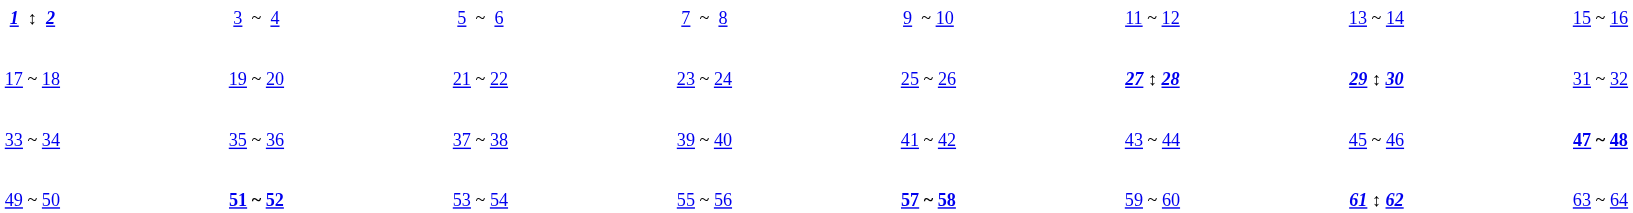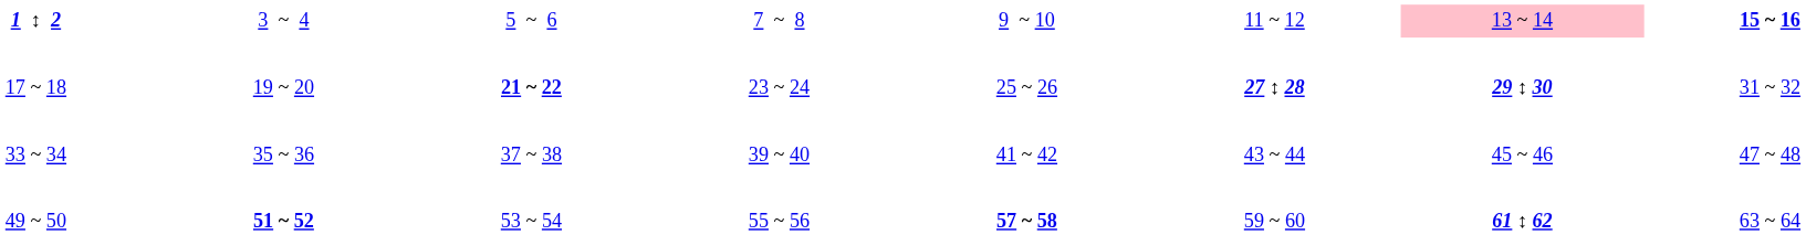 <table border="0" cellpadding="3" style="font-size:80%; text-align:center; width: 100%; ">
 <tr>
 <td title="U+4DC0 (䷀), U+4DC1 (䷁)"></td>
 <td title="U+4DC2 (䷂), U+4DC3 (䷃)"></td>
 <td title="U+4DC4 (䷄), U+4DC5 (䷅)"></td>
 <td title="U+4DC6 (䷆), U+4DC7 (䷇)"></td>
 <td title="U+4DC8 (䷈), U+4DC9 (䷉)"></td>
 <td title="U+4DCA (䷊), U+4DCB (䷋)"></td>
 <td title="U+4DCC (䷌), U+4DCD (䷍)"></td>
 <td title="U+4DCE (䷎), U+4DCF (䷏)"></td>
 </tr>
 <tr>
 <td><strong><em><a href='#'>1</a>  ↕  <a href='#'>2</a></em></strong></td>
 <td><a href='#'>3</a>  ~  <a href='#'>4</a></td>
 <td><a href='#'>5</a>  ~  <a href='#'>6</a></td>
 <td><a href='#'>7</a>  ~  <a href='#'>8</a></td>
 <td><a href='#'>9</a>  ~ <a href='#'>10</a></td>
 <td><a href='#'>11</a> ~ <a href='#'>12</a></td>
-<td><a href='#'>13</a> ~ <a href='#'>14</a></td>
-<td><a href='#'>15</a> ~ <a href='#'>16</a></td>
+<td style="background: pink;"><a href='#'>13</a> ~ <a href='#'>14</a></td>
+<td><strong><a href='#'>15</a> ~ <a href='#'>16</a></strong></td>
 </tr>
 <tr>
 <td colspan="4" style="height:0.3em;"></td>
 </tr>
 <tr>
 <td title="U+4DD0 (䷐), U+4DD1 (䷑)"></td>
 <td title="U+4DD2 (䷒), U+4DD3 (䷓)"></td>
 <td title="U+4DD4 (䷔), U+4DD5 (䷕)"></td>
 <td title="U+4DD6 (䷖), U+4DD7 (䷗)"></td>
 <td title="U+4DD8 (䷘), U+4DD9 (䷙)"></td>
 <td title="U+4DDA (䷚), U+4DDB (䷛)"></td>
 <td title="U+4DDC (䷜), U+4DDD (䷝)"></td>
 <td title="U+4DDE (䷞), U+4DDF (䷟)"></td>
 </tr>
 <tr>
 <td><a href='#'>17</a> ~ <a href='#'>18</a></td>
 <td><a href='#'>19</a> ~ <a href='#'>20</a></td>
-<td><a href='#'>21</a> ~ <a href='#'>22</a></td>
+<td><strong><a href='#'>21</a> ~ <a href='#'>22</a></strong></td>
 <td><a href='#'>23</a> ~ <a href='#'>24</a></td>
 <td><a href='#'>25</a> ~ <a href='#'>26</a></td>
 <td><strong><em><a href='#'>27</a> ↕ <a href='#'>28</a></em></strong></td>
 <td><strong><em><a href='#'>29</a> ↕ <a href='#'>30</a></em></strong></td>
 <td><a href='#'>31</a> ~ <a href='#'>32</a></td>
 </tr>
 <tr>
 <td colspan="4" style="height:0.3em;"></td>
 </tr>
 <tr>
 <td title="U+4DE0 (䷠), U+4DE1 (䷡)"></td>
 <td title="U+4DE2 (䷢), U+4DE3 (䷣)"></td>
 <td title="U+4DE4 (䷤), U+4DE5 (䷥)"></td>
 <td title="U+4DE6 (䷦), U+4DE7 (䷧)"></td>
 <td title="U+4DE8 (䷨), U+4DE9 (䷩)"></td>
 <td title="U+4DEA (䷪), U+4DEB (䷫)"></td>
 <td title="U+4DEC (䷬), U+4DED (䷭)"></td>
 <td title="U+4DEE (䷮), U+4DEF (䷯)"></td>
 </tr>
 <tr>
 <td><a href='#'>33</a> ~ <a href='#'>34</a></td>
 <td><a href='#'>35</a> ~ <a href='#'>36</a></td>
 <td><a href='#'>37</a> ~ <a href='#'>38</a></td>
 <td><a href='#'>39</a> ~ <a href='#'>40</a></td>
 <td><a href='#'>41</a> ~ <a href='#'>42</a></td>
 <td><a href='#'>43</a> ~ <a href='#'>44</a></td>
 <td><a href='#'>45</a> ~ <a href='#'>46</a></td>
-<td><strong><a href='#'>47</a> ~ <a href='#'>48</a></strong></td>
+<td><a href='#'>47</a> ~ <a href='#'>48</a></td>
 </tr>
 <tr>
 <td colspan="4" style="height:0.3em;"></td>
 </tr>
 <tr>
 <td title="U+4DF0 (䷰), U+4DF1 (䷱)"></td>
 <td title="U+4DF2 (䷲), U+4DF3 (䷳)"></td>
 <td title="U+4DF4 (䷴), U+4DF5 (䷵)"></td>
 <td title="U+4DF6 (䷶), U+4DF7 (䷷)"></td>
 <td title="U+4DF8 (䷸), U+4DF9 (䷹)"></td>
 <td title="U+4DFA (䷺), U+4DFB (䷻)"></td>
 <td title="U+4DFC (䷼), U+4DFD (䷽)"></td>
 <td title="U+4DFE (䷾), U+4DFF (䷿)"></td>
 </tr>
 <tr>
 <td><a href='#'>49</a> ~ <a href='#'>50</a></td>
 <td><strong><a href='#'>51</a> ~ <a href='#'>52</a></strong></td>
 <td><a href='#'>53</a> ~ <a href='#'>54</a></td>
 <td><a href='#'>55</a> ~ <a href='#'>56</a></td>
 <td><strong><a href='#'>57</a> ~ <a href='#'>58</a></strong></td>
 <td><a href='#'>59</a> ~ <a href='#'>60</a></td>
 <td><strong><em><a href='#'>61</a> ↕ <a href='#'>62</a></em></strong></td>
 <td><a href='#'>63</a> ~ <a href='#'>64</a></td>
 </tr>
 </table>
